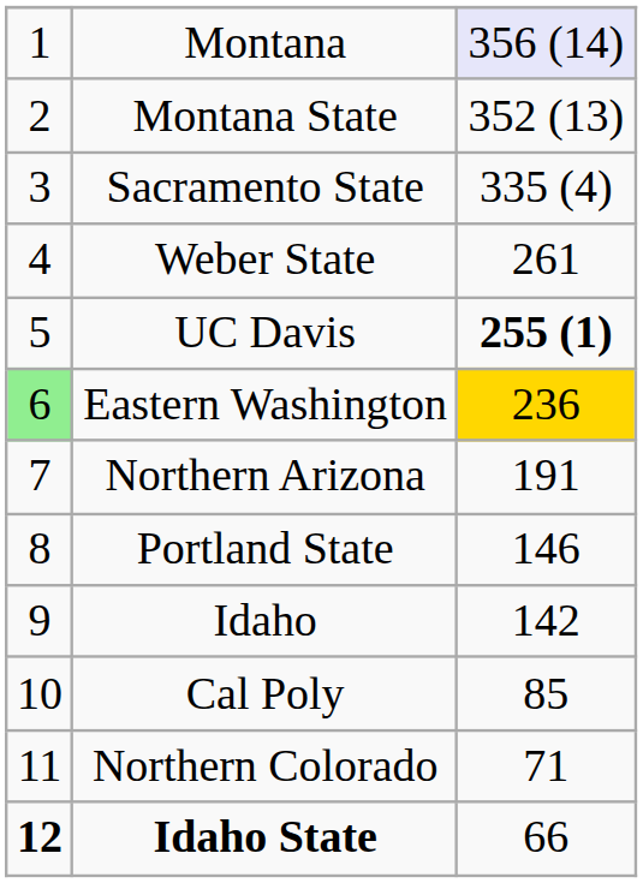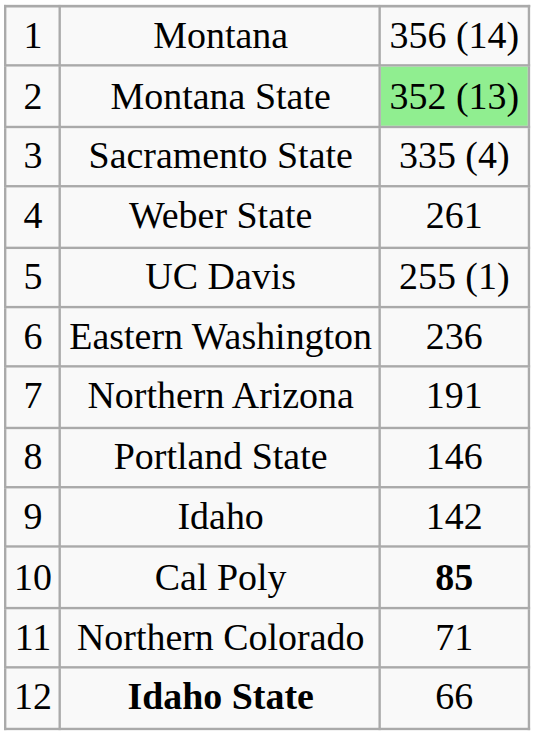 <table class="wikitable" style="display: inline-table;">
 <tr align="center">
 </tr>
 <tr align="center">
 <td>1</td>
 <td>Montana</td>
-<td style="background: lavender;">356 (14)</td>
+<td>356 (14)</td>
 </tr>
 <tr align="center">
 <td>2</td>
 <td>Montana State</td>
-<td>352 (13)</td>
+<td style="background: lightgreen;">352 (13)</td>
 </tr>
 <tr align="center">
 <td>3</td>
 <td>Sacramento State</td>
 <td>335 (4)</td>
 </tr>
 <tr align="center">
 <td>4</td>
 <td>Weber State</td>
 <td>261</td>
 </tr>
 <tr align="center">
 <td>5</td>
 <td>UC Davis</td>
-<td><strong>255 (1)</strong></td>
+<td>255 (1)</td>
 </tr>
 <tr align="center">
-<td style="background: lightgreen;">6</td>
+<td>6</td>
 <td>Eastern Washington</td>
-<td style="background: gold;">236</td>
+<td>236</td>
 </tr>
 <tr align="center">
 <td>7</td>
 <td>Northern Arizona</td>
 <td>191</td>
 </tr>
 <tr align="center">
 <td>8</td>
 <td>Portland State</td>
 <td>146</td>
 </tr>
 <tr align="center">
 <td>9</td>
 <td>Idaho</td>
 <td>142</td>
 </tr>
 <tr align="center">
 <td>10</td>
 <td>Cal Poly</td>
-<td>85</td>
+<td><strong>85</strong></td>
 </tr>
 <tr align="center">
 <td>11</td>
 <td>Northern Colorado</td>
 <td>71</td>
 </tr>
 <tr align="center">
-<td><strong>12</strong></td>
+<td>12</td>
 <td><strong>Idaho State</strong></td>
 <td>66</td>
 </tr>
 </table>
